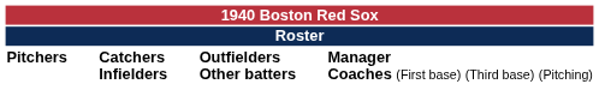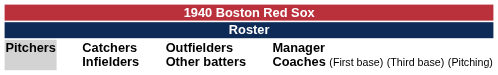 <table class="toccolours" style="text-align: left;">
 <tr>
 <th colspan="10" style="background-color: #ba313c; color: white; text-align: center;">1940 Boston Red Sox</th>
 </tr>
 <tr>
 <td colspan="10" style="background-color: #0d2b56; color: white; text-align: center;"><strong>Roster</strong></td>
 </tr>
 <tr>
-<td valign="top"><strong>Pitchers</strong><br>               </td>
+<td valign="top" style="background: lightgrey;"><strong>Pitchers</strong><br>               </td>
 <td width="25px"></td>
 <td valign="top"><strong>Catchers</strong><br>   <strong>Infielders</strong>        </td>
 <td width="25px"></td>
 <td valign="top"><strong>Outfielders</strong><br>     <strong>Other batters</strong> </td>
 <td width="25px"></td>
 <td valign="top"><strong>Manager</strong><br> <strong>Coaches</strong>  <small>(First base)</small>  <small>(Third base)</small>  <small>(Pitching)</small></td>
 </tr>
 <tr>
 </tr>
 </table>
